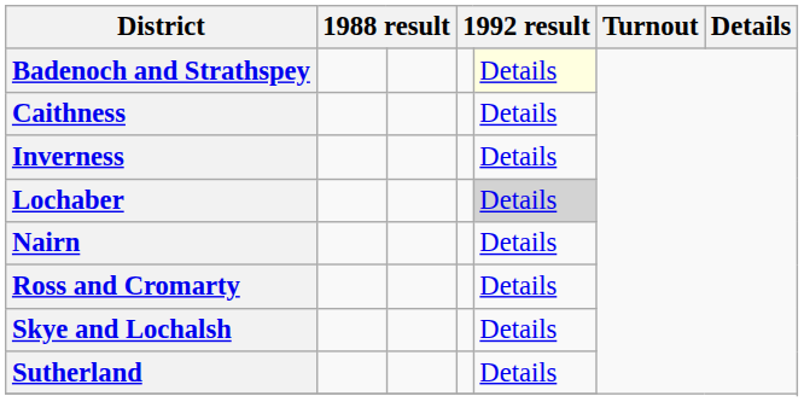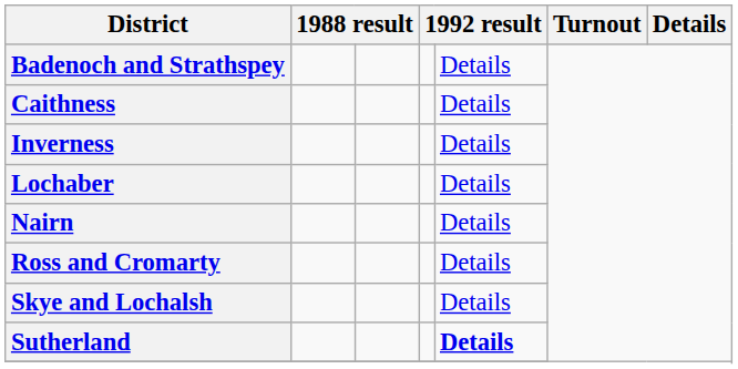 <table class="wikitable">
 <tr>
 <th scope="col">District</th>
 <th scope="col"  colspan="2">1988 result</th>
 <th scope="col" colspan="2">1992 result</th>
 <th scope="col">Turnout</th>
 <th scope="col">Details</th>
 </tr>
 <tr>
 <th scope="row" style="text-align: left;"><a href='#'>Badenoch and Strathspey</a></th>
 <td></td>
 <td></td>
 <td></td>
-<td style="background: lightyellow;"><a href='#'>Details</a></td>
+<td><a href='#'>Details</a></td>
 </tr>
 <tr>
 <th scope="row" style="text-align: left;"><a href='#'>Caithness</a></th>
 <td></td>
 <td></td>
 <td></td>
 <td><a href='#'>Details</a></td>
 </tr>
 <tr>
 <th scope="row" style="text-align: left;"><a href='#'>Inverness</a></th>
 <td></td>
 <td></td>
 <td></td>
 <td><a href='#'>Details</a></td>
 </tr>
 <tr>
 <th scope="row" style="text-align: left;"><a href='#'>Lochaber</a></th>
 <td></td>
 <td></td>
 <td></td>
-<td style="background: lightgrey;"><a href='#'>Details</a></td>
+<td><a href='#'>Details</a></td>
 </tr>
 <tr>
 <th scope="row" style="text-align: left;"><a href='#'>Nairn</a></th>
 <td></td>
 <td></td>
 <td></td>
 <td><a href='#'>Details</a></td>
 </tr>
 <tr>
 <th scope="row" style="text-align: left;"><a href='#'>Ross and Cromarty</a></th>
 <td></td>
 <td></td>
 <td></td>
 <td><a href='#'>Details</a></td>
 </tr>
 <tr>
 <th scope="row" style="text-align: left;"><a href='#'>Skye and Lochalsh</a></th>
 <td></td>
 <td></td>
 <td></td>
 <td><a href='#'>Details</a></td>
 </tr>
 <tr>
 <th scope="row" style="text-align: left;"><a href='#'>Sutherland</a></th>
 <td></td>
 <td></td>
 <td></td>
-<td><a href='#'>Details</a></td>
+<td><strong><a href='#'>Details</a></strong></td>
 </tr>
 <tr>
 </tr>
 </table>
